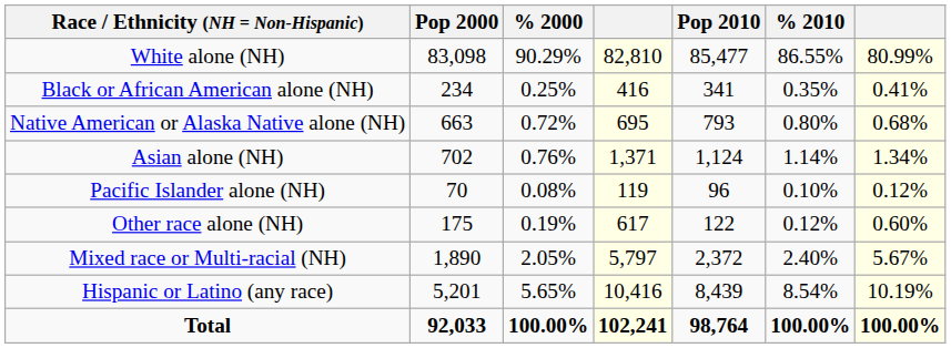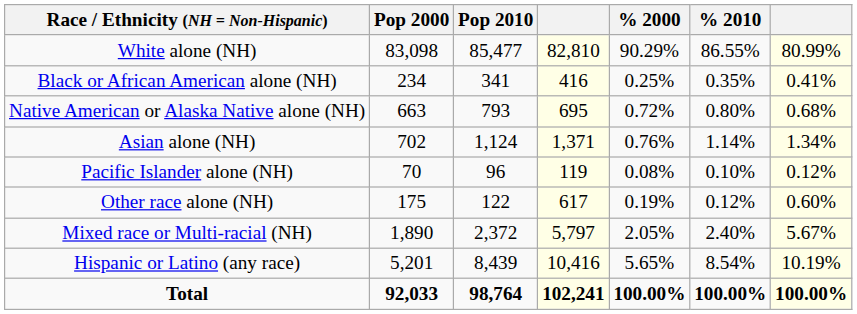 <table class="wikitable" style="text-align:center;">
 <tr>
 <th>Race / Ethnicity <small>(<em>NH = Non-Hispanic</em>)</small></th>
 <th>Pop 2000</th>
+<th>Pop 2010</th>
+<th></th>
 <th>% 2000</th>
-<th></th>
-<th>Pop 2010</th>
 <th>% 2010</th>
 <th></th>
 </tr>
 <tr>
 <td><a href='#'>White</a> alone (NH)</td>
 <td>83,098</td>
+<td>85,477</td>
+<td style='background: #ffffe6;'>82,810</td>
 <td>90.29%</td>
-<td style='background: #ffffe6;'>82,810</td>
-<td>85,477</td>
 <td>86.55%</td>
 <td style='background: #ffffe6;'>80.99%</td>
 </tr>
 <tr>
 <td><a href='#'>Black or African American</a> alone (NH)</td>
 <td>234</td>
+<td>341</td>
+<td style='background: #ffffe6;'>416</td>
 <td>0.25%</td>
-<td style='background: #ffffe6;'>416</td>
-<td>341</td>
 <td>0.35%</td>
 <td style='background: #ffffe6;'>0.41%</td>
 </tr>
 <tr>
 <td><a href='#'>Native American</a> or <a href='#'>Alaska Native</a> alone (NH)</td>
 <td>663</td>
+<td>793</td>
+<td style='background: #ffffe6;'>695</td>
 <td>0.72%</td>
-<td style='background: #ffffe6;'>695</td>
-<td>793</td>
 <td>0.80%</td>
 <td style='background: #ffffe6;'>0.68%</td>
 </tr>
 <tr>
 <td><a href='#'>Asian</a> alone (NH)</td>
 <td>702</td>
+<td>1,124</td>
+<td style='background: #ffffe6;'>1,371</td>
 <td>0.76%</td>
-<td style='background: #ffffe6;'>1,371</td>
-<td>1,124</td>
 <td>1.14%</td>
 <td style='background: #ffffe6;'>1.34%</td>
 </tr>
 <tr>
 <td><a href='#'>Pacific Islander</a> alone (NH)</td>
 <td>70</td>
+<td>96</td>
+<td style='background: #ffffe6;'>119</td>
 <td>0.08%</td>
-<td style='background: #ffffe6;'>119</td>
-<td>96</td>
 <td>0.10%</td>
 <td style='background: #ffffe6;'>0.12%</td>
 </tr>
 <tr>
 <td><a href='#'>Other race</a> alone (NH)</td>
 <td>175</td>
+<td>122</td>
+<td style='background: #ffffe6;'>617</td>
 <td>0.19%</td>
-<td style='background: #ffffe6;'>617</td>
-<td>122</td>
 <td>0.12%</td>
 <td style='background: #ffffe6;'>0.60%</td>
 </tr>
 <tr>
 <td><a href='#'>Mixed race or Multi-racial</a> (NH)</td>
 <td>1,890</td>
+<td>2,372</td>
+<td style='background: #ffffe6;'>5,797</td>
 <td>2.05%</td>
-<td style='background: #ffffe6;'>5,797</td>
-<td>2,372</td>
 <td>2.40%</td>
 <td style='background: #ffffe6;'>5.67%</td>
 </tr>
 <tr>
 <td><a href='#'>Hispanic or Latino</a> (any race)</td>
 <td>5,201</td>
+<td>8,439</td>
+<td style='background: #ffffe6;'>10,416</td>
 <td>5.65%</td>
-<td style='background: #ffffe6;'>10,416</td>
-<td>8,439</td>
 <td>8.54%</td>
 <td style='background: #ffffe6;'>10.19%</td>
 </tr>
 <tr>
 <td><strong>Total</strong></td>
 <td><strong>92,033</strong></td>
+<td><strong>98,764</strong></td>
+<td style='background: #ffffe6;'><strong>102,241</strong></td>
 <td><strong>100.00%</strong></td>
-<td style='background: #ffffe6;'><strong>102,241</strong></td>
-<td><strong>98,764</strong></td>
 <td><strong>100.00%</strong></td>
 <td style='background: #ffffe6;'><strong>100.00%</strong></td>
 </tr>
 </table>
